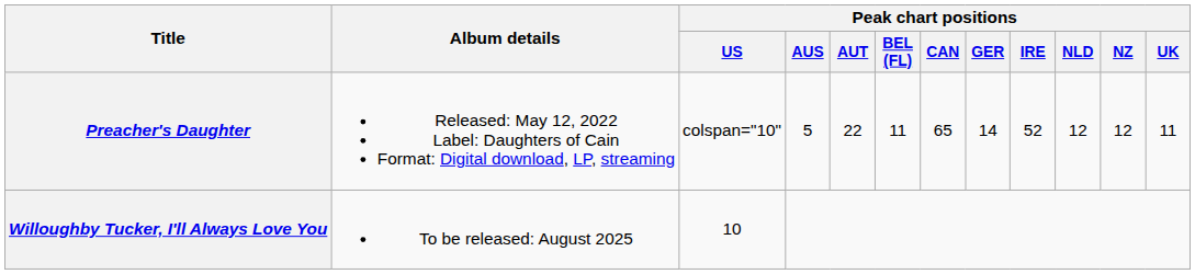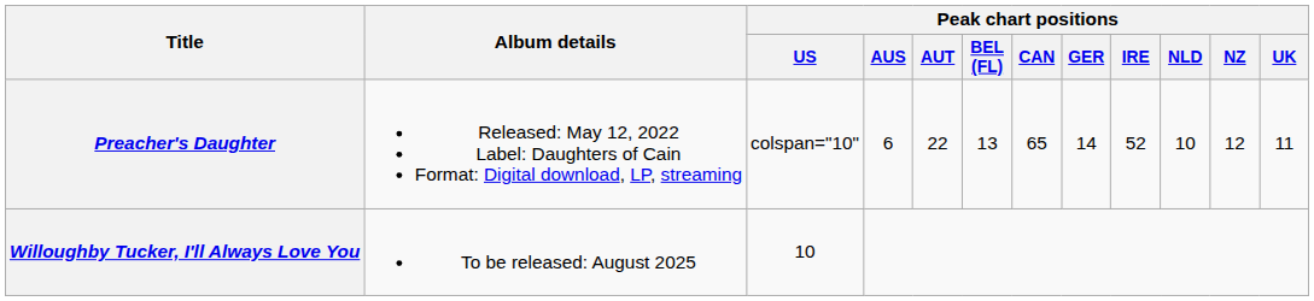 <table class="wikitable plainrowheaders" style="text-align:center;">
 <tr>
 <th scope="col" rowspan="2">Title</th>
 <th scope="col" rowspan="2">Album details</th>
 <th scope="col" colspan="10">Peak chart positions</th>
 </tr>
 <tr>
 <th scope="col" style="width:2.5em;font-size:90%"><a href='#'>US</a><br></th>
 <th scope="col" style="width:2.5em;font-size:90%"><a href='#'>AUS</a><br></th>
 <th scope="col" style="width:2.5em;font-size:90%"><a href='#'>AUT</a><br></th>
 <th scope="col" style="width:2.5em;font-size:90%"><a href='#'>BEL<br>(FL)</a><br></th>
 <th scope="col" style="width:2.5em;font-size:90%"><a href='#'>CAN</a><br></th>
 <th scope="col" style="width:2.5em;font-size:90%"><a href='#'>GER</a><br></th>
 <th scope="col" style="width:2.5em;font-size:90%"><a href='#'>IRE</a><br></th>
 <th scope="col" style="width:2.5em;font-size:90%"><a href='#'>NLD</a><br></th>
 <th scope="col" style="width:2.5em;font-size:90%"><a href='#'>NZ</a><br></th>
 <th scope="col" style="width:2.5em;font-size:90%"><a href='#'>UK</a><br></th>
 </tr>
 <tr>
 <th scope="row"><em><a href='#'>Preacher's Daughter</a></em></th>
 <td><br><ul><li>Released: May 12, 2022</li><li>Label: Daughters of Cain</li><li>Format: <a href='#'>Digital download</a>, <a href='#'>LP</a>, <a href='#'>streaming</a></li></ul></td>
 <td>colspan="10" </td>
-<td>5</td>
+<td>6</td>
 <td>22</td>
-<td>11</td>
+<td>13</td>
 <td>65</td>
 <td>14</td>
 <td>52</td>
-<td>12</td>
+<td>10</td>
 <td>12</td>
 <td>11</td>
 </tr>
 <tr>
 <th scope="row"><em><a href='#'>Willoughby Tucker, I'll Always Love You</a></em></th>
 <td><br><ul><li>To be released: August 2025</li></ul></td>
 <td>10</td>
 </tr>
 </table>
